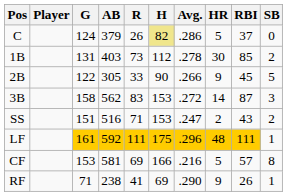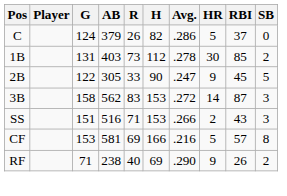 <table class="wikitable sortable">
 <tr>
 <th>Pos</th>
 <th>Player</th>
 <th>G</th>
 <th>AB</th>
 <th>R</th>
 <th>H</th>
 <th>Avg.</th>
 <th>HR</th>
 <th>RBI</th>
 <th>SB</th>
 </tr>
 <tr align="center">
 <td>C</td>
 <td></td>
 <td>124</td>
 <td>379</td>
 <td>26</td>
-<td style="background: khaki;">82</td>
+<td>82</td>
 <td>.286</td>
 <td>5</td>
 <td>37</td>
 <td>0</td>
 </tr>
 <tr align="center">
 <td>1B</td>
 <td></td>
 <td>131</td>
 <td>403</td>
 <td>73</td>
 <td>112</td>
 <td>.278</td>
 <td>30</td>
 <td>85</td>
 <td>2</td>
 </tr>
 <tr align="center">
 <td>2B</td>
 <td></td>
 <td>122</td>
 <td>305</td>
 <td>33</td>
 <td>90</td>
-<td>.266</td>
+<td>.247</td>
 <td>9</td>
 <td>45</td>
 <td>5</td>
 </tr>
 <tr align="center">
 <td>3B</td>
 <td></td>
 <td>158</td>
 <td>562</td>
 <td>83</td>
 <td>153</td>
 <td>.272</td>
 <td>14</td>
 <td>87</td>
 <td>3</td>
 </tr>
 <tr align="center">
 <td>SS</td>
 <td></td>
 <td>151</td>
 <td>516</td>
 <td>71</td>
 <td>153</td>
-<td>.247</td>
+<td>.266</td>
 <td>2</td>
 <td>43</td>
-<td>2</td>
-</tr>
-<tr align="center">
-<td>LF</td>
-<td></td>
-<td bgcolor="#FFCC00">161</td>
-<td bgcolor="#FFCC00">592</td>
-<td bgcolor="#FFCC00">111</td>
-<td bgcolor="#FFCC00">175</td>
-<td bgcolor="#FFCC00">.296</td>
-<td bgcolor="#FFCC00">48</td>
-<td bgcolor="#FFCC00">111</td>
-<td>1</td>
+<td>3</td>
 </tr>
 <tr align="center">
 <td>CF</td>
 <td></td>
 <td>153</td>
 <td>581</td>
 <td>69</td>
 <td>166</td>
 <td>.216</td>
 <td>5</td>
 <td>57</td>
 <td>8</td>
 </tr>
 <tr align="center">
 <td>RF</td>
 <td></td>
 <td>71</td>
 <td>238</td>
-<td>41</td>
+<td>40</td>
 <td>69</td>
 <td>.290</td>
 <td>9</td>
 <td>26</td>
-<td>1</td>
+<td>2</td>
 </tr>
 </table>
